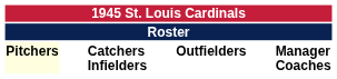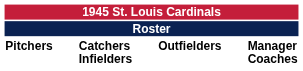 <table class="toccolours" style="font-size: 95%;">
 <tr>
 <th colspan="10" style="background-color: #c41e3a; color: white; text-align: center;">1945 St. Louis Cardinals</th>
 </tr>
 <tr>
 <td colspan="10" style="background-color: #0a2252; color: white; text-align: center;"><strong>Roster</strong></td>
 </tr>
 <tr>
-<td valign="top" style="background: lightyellow;"><strong>Pitchers</strong><br>              </td>
+<td valign="top"><strong>Pitchers</strong><br>              </td>
 <td width="25px"></td>
 <td valign="top"><strong>Catchers</strong><br>     <strong>Infielders</strong>         </td>
 <td width="25px"></td>
 <td valign="top"><strong>Outfielders</strong><br>       </td>
 <td width="25px"></td>
 <td valign="top"><strong>Manager</strong><br> <strong>Coaches</strong>  </td>
 </tr>
 </table>
